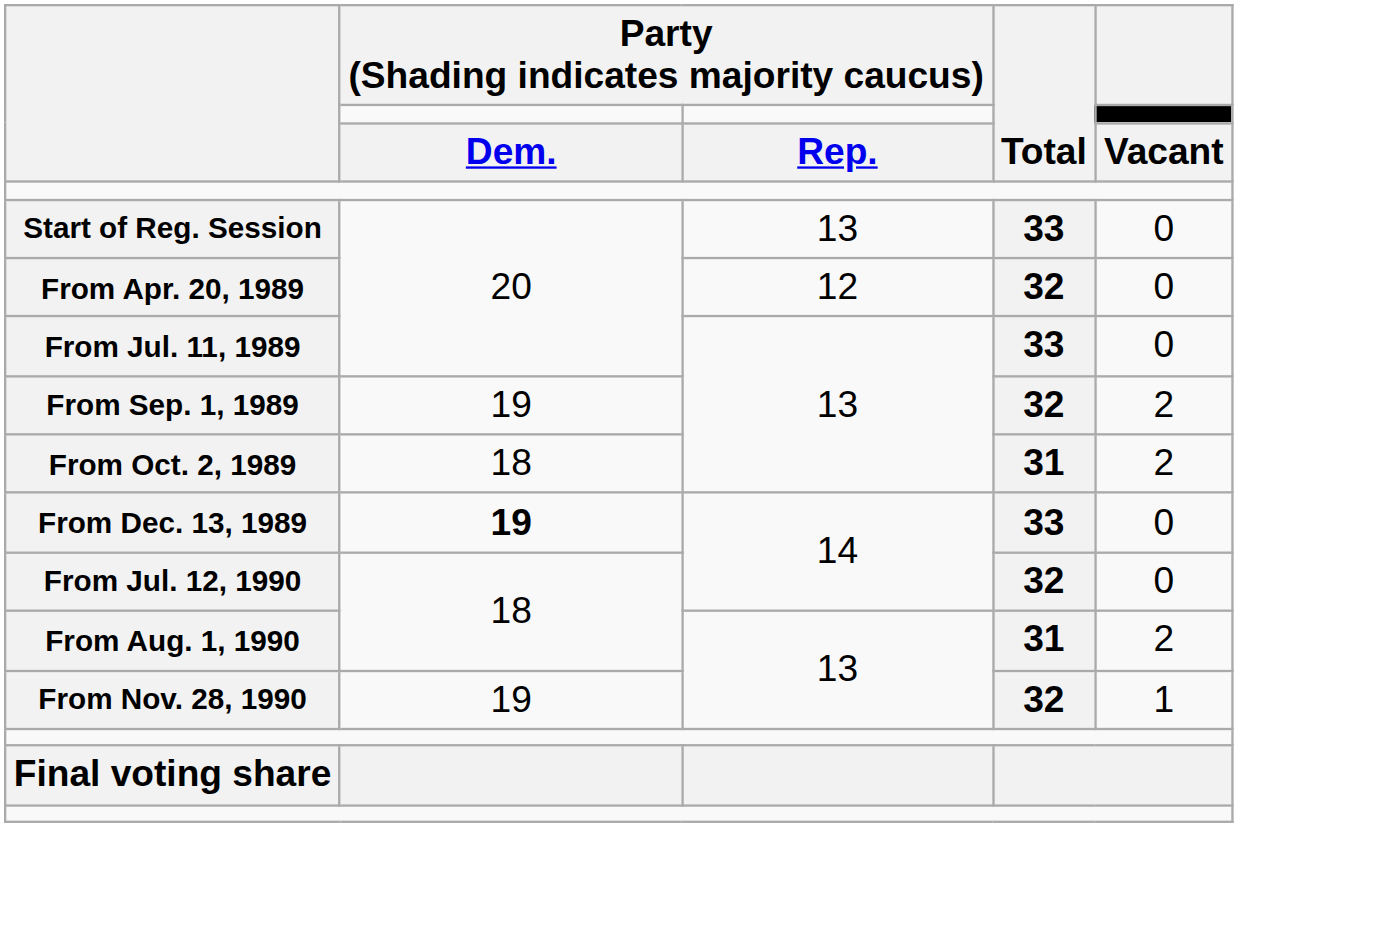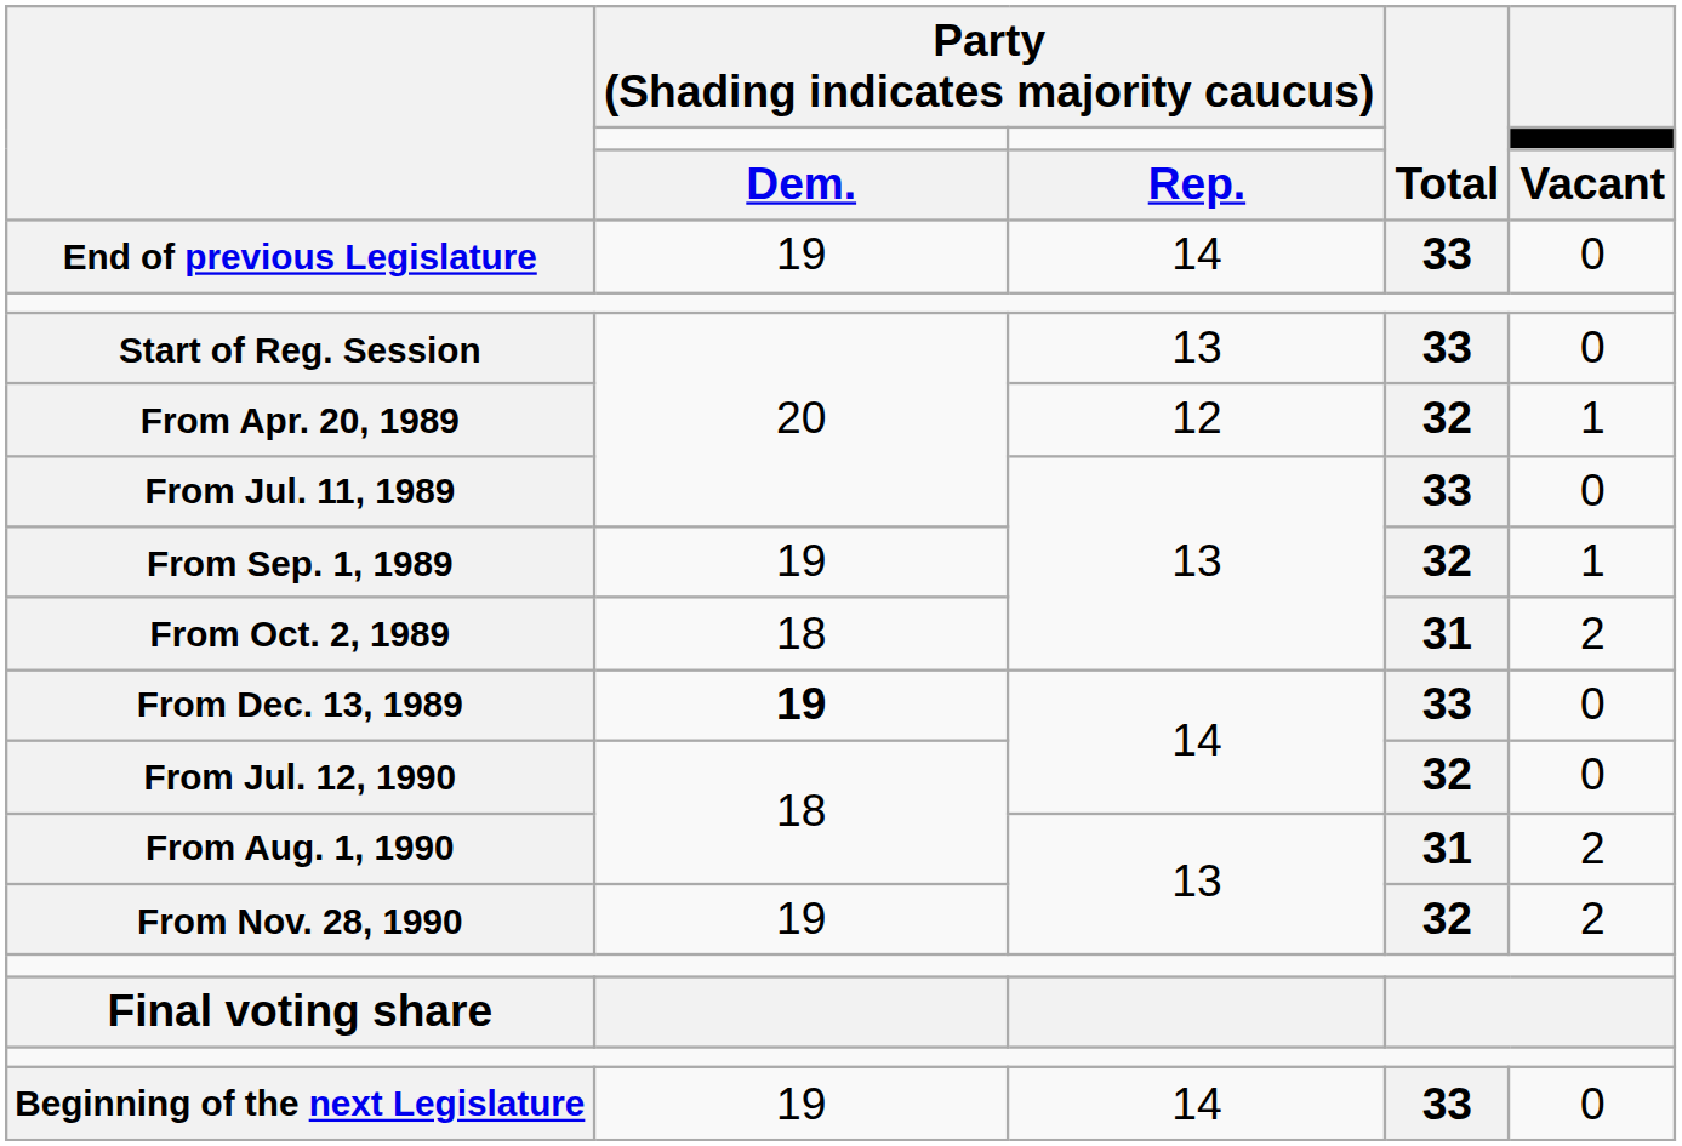 <table class=wikitable style="text-align:center">
 <tr style="vertical-align:bottom;">
 <th rowspan=3></th>
 <th colspan=2>Party <div>(Shading indicates majority caucus)</div></th>
 <th rowspan=3>Total</th>
 <th></th>
 </tr>
 <tr style="height:5px">
 <td style="background-color:"></td>
 <td style="background-color:"></td>
 <td style="background:black;"></td>
 </tr>
 <tr>
 <th><a href='#'>Dem.</a></th>
 <th><a href='#'>Rep.</a></th>
 <th>Vacant</th>
 </tr>
 <tr>
+<th style="font-size:80%;">End of <a href='#'>previous Legislature</a></th>
+<td>19</td>
+<td>14</td>
+<th>33</th>
+<td>0</td>
+</tr>
+<tr>
 <td colspan=5></td>
 </tr>
 <tr>
 <th style="font-size:80%;">Start of Reg. Session</th>
 <td rowspan="3" >20</td>
 <td>13</td>
 <th>33</th>
 <td>0</td>
 </tr>
 <tr>
 <th style="font-size:80%;">From Apr. 20, 1989</th>
 <td>12</td>
 <th>32</th>
-<td>0</td>
+<td>1</td>
 </tr>
 <tr>
 <th style="font-size:80%;">From Jul. 11, 1989</th>
 <td rowspan="3">13</td>
 <th>33</th>
 <td>0</td>
 </tr>
 <tr>
 <th style="font-size:80%;">From Sep. 1, 1989</th>
 <td>19</td>
 <th>32</th>
-<td>2</td>
+<td>1</td>
 </tr>
 <tr>
 <th style="font-size:80%;">From Oct. 2, 1989</th>
 <td>18</td>
 <th>31</th>
 <td>2</td>
 </tr>
 <tr>
 <th style="font-size:80%;">From Dec. 13, 1989</th>
 <td><strong>19</strong></td>
 <td rowspan="2">14</td>
 <th>33</th>
 <td>0</td>
 </tr>
 <tr>
 <th style="font-size:80%;">From Jul. 12, 1990</th>
 <td rowspan="2" >18</td>
 <th>32</th>
 <td>0</td>
 </tr>
 <tr>
 <th style="font-size:80%;">From Aug. 1, 1990</th>
 <td rowspan="2">13</td>
 <th>31</th>
 <td>2</td>
 </tr>
 <tr>
 <th style="font-size:80%;">From Nov. 28, 1990</th>
 <td>19</td>
 <th>32</th>
-<td>1</td>
+<td>2</td>
 </tr>
 <tr>
 <td colspan=5></td>
 </tr>
 <tr>
 <th>Final voting share</th>
 <th></th>
 <th></th>
 <th colspan=2></th>
 </tr>
 <tr>
 <td colspan=5></td>
 </tr>
+<tr>
+<th style="font-size:80%;">Beginning of the <a href='#'>next Legislature</a></th>
+<td>19</td>
+<td>14</td>
+<th>33</th>
+<td>0</td>
+</tr>
 </table>
